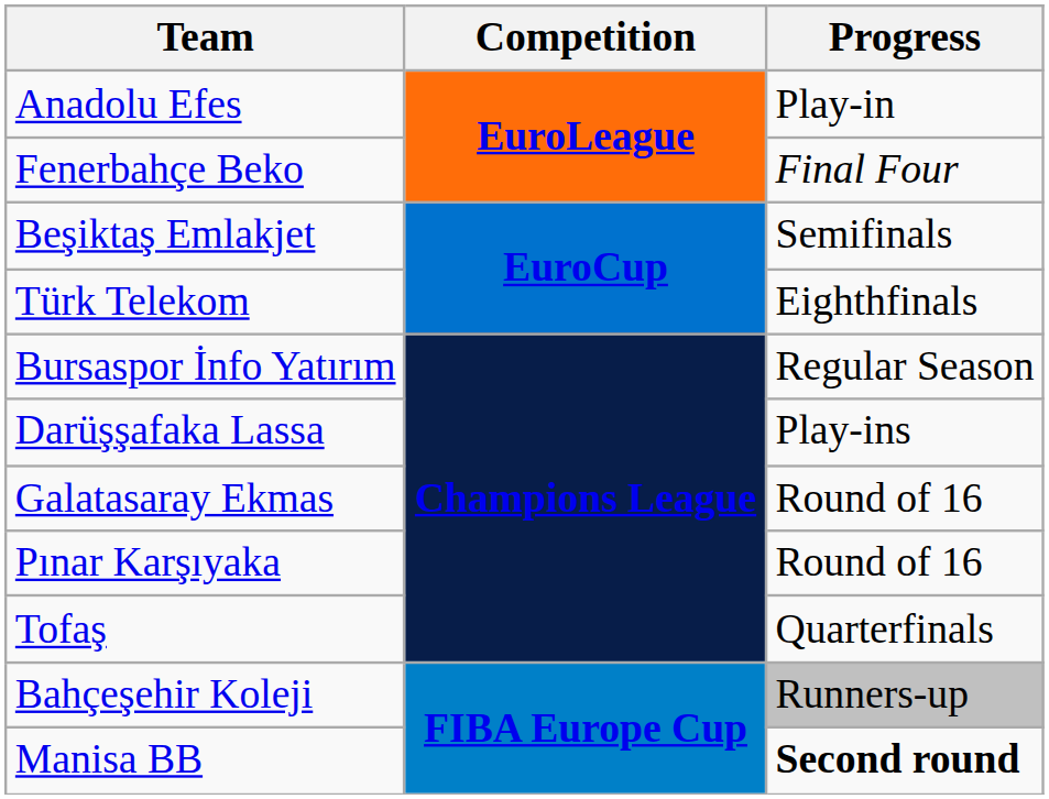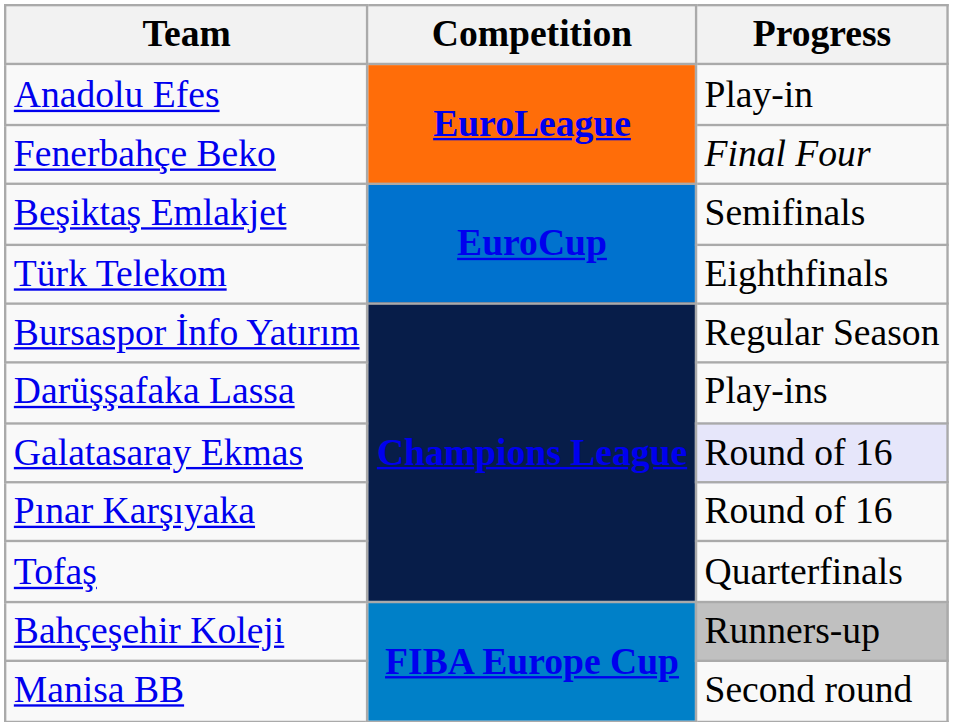 <table class="wikitable sortable">
 <tr>
 <th>Team</th>
 <th>Competition</th>
 <th>Progress</th>
 </tr>
 <tr>
 <td><a href='#'>Anadolu Efes</a></td>
 <td rowspan="2" style="background:#ff6d09;color:#ffffff;text-align:center"><strong><a href='#'><span>EuroLeague</span></a></strong></td>
 <td>Play-in</td>
 </tr>
 <tr>
 <td><a href='#'>Fenerbahçe Beko</a></td>
 <td><em>Final Four</em></td>
 </tr>
 <tr>
 <td><a href='#'>Beşiktaş Emlakjet</a></td>
 <td rowspan="2" style="background-color:#0072CE;color:white;text-align:center"><strong><a href='#'><span>EuroCup</span></a></strong></td>
 <td>Semifinals</td>
 </tr>
 <tr>
 <td><a href='#'>Türk Telekom</a></td>
 <td>Eighthfinals</td>
 </tr>
 <tr>
 <td><a href='#'>Bursaspor İnfo Yatırım</a></td>
 <td rowspan="5" style="background-color:#071D49;color:#D0D3D4;text-align:center"><strong><a href='#'><span>Champions League</span></a></strong></td>
 <td>Regular Season</td>
 </tr>
 <tr>
 <td><a href='#'>Darüşşafaka Lassa</a></td>
 <td>Play-ins</td>
 </tr>
 <tr>
 <td><a href='#'>Galatasaray Ekmas</a></td>
-<td>Round of 16</td>
+<td style="background: lavender;">Round of 16</td>
 </tr>
 <tr>
 <td><a href='#'>Pınar Karşıyaka</a></td>
 <td>Round of 16</td>
 </tr>
 <tr>
 <td><a href='#'>Tofaş</a></td>
 <td>Quarterfinals</td>
 </tr>
 <tr>
 <td><a href='#'>Bahçeşehir Koleji</a></td>
 <td rowspan="3" style="background-color:#0080C8;color:#D0D3D4;text-align:center"><strong><a href='#'><span>FIBA Europe Cup</span></a></strong></td>
 <td style="background:silver">Runners-up</td>
 </tr>
 <tr>
 <td><a href='#'>Manisa BB</a></td>
-<td><strong>Second round</strong></td>
+<td>Second round</td>
 </tr>
 </table>
